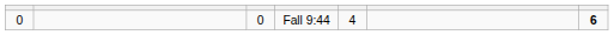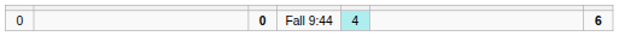 <table class="wikitable" style="text-align: center;">
 <tr>
 <th width=30></th>
 <th width=270></th>
 <th width=30></th>
 <th width=75></th>
 <th width=30></th>
 <th width=270></th>
 <th width=30></th>
 </tr>
 <tr>
 <td>0</td>
 <td align=left><strong></strong></td>
-<td>0</td>
+<td><strong>0</strong></td>
 <td>Fall 9:44</td>
-<td>4</td>
+<td style="background: paleturquoise;">4</td>
 <td align=left></td>
 <td><strong>6</strong></td>
 </tr>
 </table>
